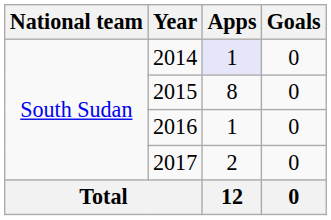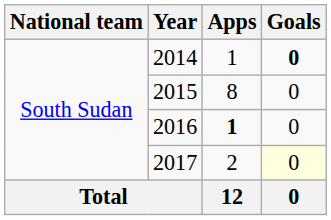 <table class="wikitable" style="text-align:center">
 <tr>
 <th>National team</th>
 <th>Year</th>
 <th>Apps</th>
 <th>Goals</th>
 </tr>
 <tr>
 <td rowspan="4"><a href='#'>South Sudan</a></td>
 <td>2014</td>
-<td style="background: lavender;">1</td>
-<td>0</td>
+<td>1</td>
+<td><strong>0</strong></td>
 </tr>
 <tr>
 <td>2015</td>
 <td>8</td>
 <td>0</td>
 </tr>
 <tr>
 <td>2016</td>
-<td>1</td>
+<td><strong>1</strong></td>
 <td>0</td>
 </tr>
 <tr>
 <td>2017</td>
 <td>2</td>
-<td>0</td>
+<td style="background: lightyellow;">0</td>
 </tr>
 <tr>
 <th colspan=2>Total</th>
 <th>12</th>
 <th>0</th>
 </tr>
 </table>
